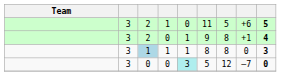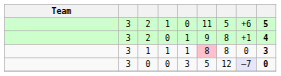 <table class="wikitable" style="text-align:center">
 <tr>
 <th width=175>Team</th>
 <th width=25></th>
 <th width=25></th>
 <th width=25></th>
 <th width=25></th>
 <th width=25></th>
 <th width=25></th>
 <th width=25></th>
 <th width=25></th>
 </tr>
 <tr align=center bgcolor=#ccffcc>
 <td style="text-align:left;"><strong></strong></td>
 <td>3</td>
 <td>2</td>
 <td>1</td>
 <td>0</td>
 <td>11</td>
 <td>5</td>
 <td>+6</td>
 <td><strong>5</strong></td>
 </tr>
 <tr align=center bgcolor=#ccffcc>
 <td style="text-align:left;"><strong></strong></td>
 <td>3</td>
 <td>2</td>
 <td>0</td>
 <td>1</td>
 <td>9</td>
 <td>8</td>
 <td>+1</td>
 <td><strong>4</strong></td>
 </tr>
 <tr>
 <td style="text-align:left;"></td>
 <td>3</td>
-<td style="background: lightblue;">1</td>
 <td>1</td>
 <td>1</td>
-<td>8</td>
+<td>1</td>
+<td style="background: pink;">8</td>
 <td>8</td>
 <td>0</td>
 <td><strong>3</strong></td>
 </tr>
 <tr>
 <td style="text-align:left;"></td>
 <td>3</td>
 <td>0</td>
 <td>0</td>
-<td style="background: paleturquoise;">3</td>
+<td>3</td>
 <td>5</td>
 <td>12</td>
-<td>–7</td>
+<td style="background: lavender;">–7</td>
 <td><strong>0</strong></td>
 </tr>
 <tr>
 </tr>
 </table>
